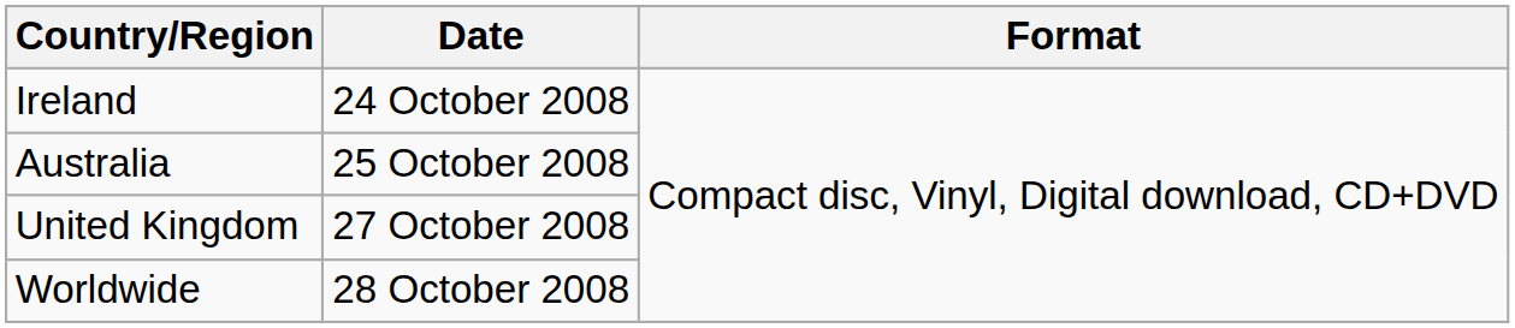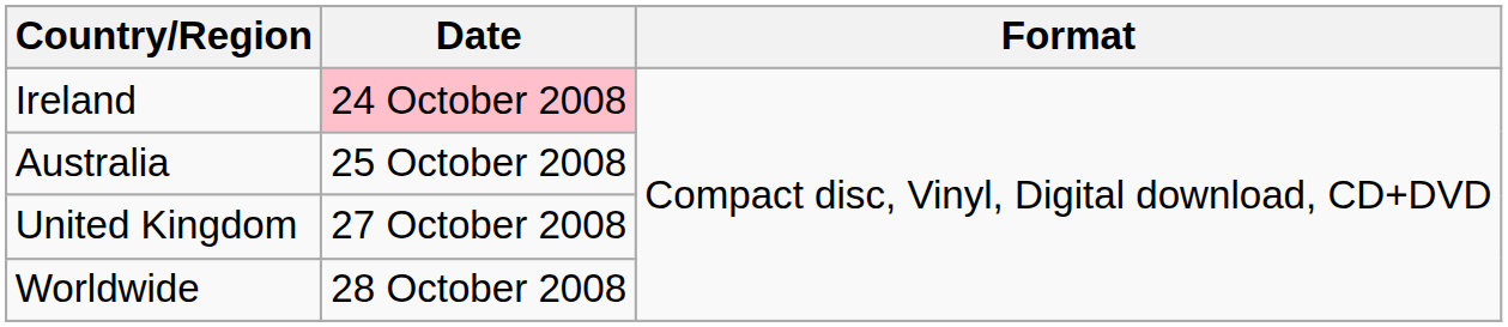 <table class="wikitable">
 <tr>
 <th>Country/Region</th>
 <th>Date</th>
 <th>Format</th>
 </tr>
 <tr>
 <td>Ireland</td>
-<td>24 October 2008</td>
+<td style="background: pink;">24 October 2008</td>
 <td rowspan="4">Compact disc, Vinyl, Digital download, CD+DVD</td>
 </tr>
 <tr>
 <td>Australia</td>
 <td>25 October 2008</td>
 </tr>
 <tr>
 <td>United Kingdom</td>
 <td>27 October 2008</td>
 </tr>
 <tr>
 <td>Worldwide</td>
 <td>28 October 2008</td>
 </tr>
 </table>
